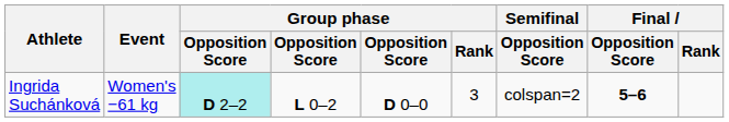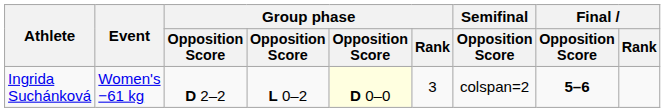 <table class="wikitable" style="font-size:90%">
 <tr>
 <th rowspan="2">Athlete</th>
 <th rowspan="2">Event</th>
 <th colspan="4">Group phase</th>
 <th>Semifinal</th>
 <th colspan=2>Final / </th>
 </tr>
 <tr style="font-size:95%">
 <th>Opposition <br> Score</th>
 <th>Opposition <br> Score</th>
 <th>Opposition <br> Score</th>
 <th>Rank</th>
 <th>Opposition <br> Score</th>
 <th>Opposition <br> Score</th>
 <th>Rank</th>
 </tr>
 <tr align=center>
 <td align=left><a href='#'>Ingrida Suchánková</a></td>
 <td align=left><a href='#'>Women's −61 kg</a></td>
-<td style="background: paleturquoise;"><br><strong>D</strong> 2–2</td>
+<td><br><strong>D</strong> 2–2</td>
 <td><br><strong>L</strong> 0–2</td>
-<td><br><strong>D</strong> 0–0</td>
+<td style="background: lightyellow;"><br><strong>D</strong> 0–0</td>
 <td>3</td>
 <td>colspan=2 </td>
 <td><strong>5–6</strong></td>
 </tr>
 </table>
